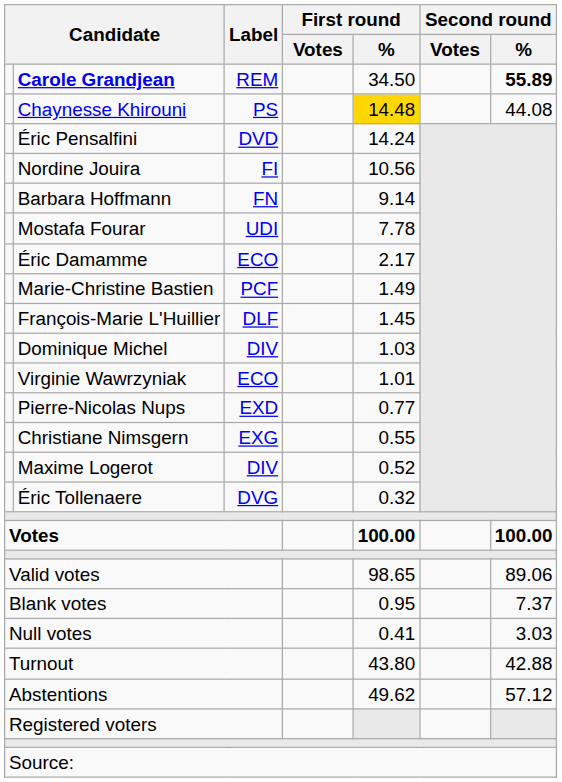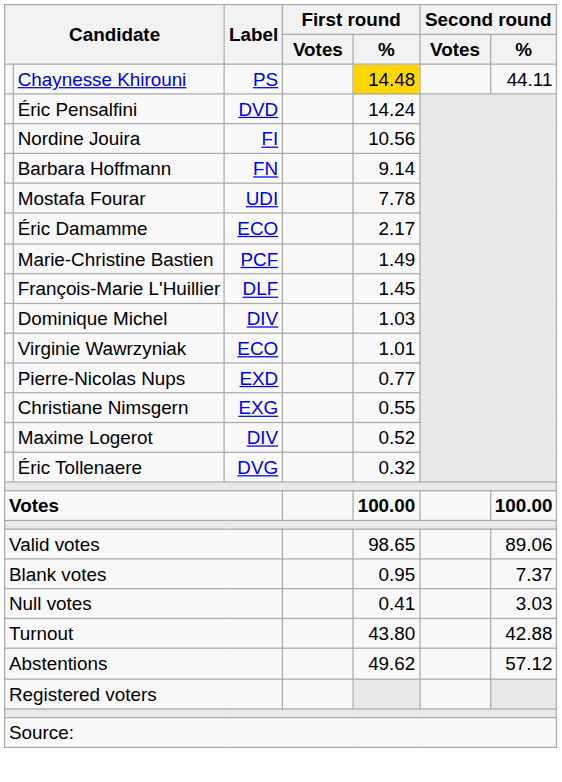 <table class="wikitable" style="text-align:right;font-size:95%;">
 <tr>
 <th rowspan="2" colspan="2">Candidate</th>
 <th rowspan="2">Label</th>
 <th colspan="2">First round</th>
 <th colspan="2">Second round</th>
 </tr>
 <tr>
 <th style="width:50px;">Votes</th>
 <th style="width:45px;">%</th>
 <th style="width:50px;">Votes</th>
 <th style="width:45px;">%</th>
 </tr>
 <tr>
 <td style="color:inherit;background:"></td>
-<td style="text-align:left;"><strong><a href='#'>Carole Grandjean</a></strong></td>
-<td><a href='#'>REM</a></td>
-<td></td>
-<td>34.50</td>
-<td><strong></strong></td>
-<td><strong>55.89</strong></td>
-</tr>
-<tr>
-<td style="color:inherit;background:"></td>
 <td style="text-align:left;"><a href='#'>Chaynesse Khirouni</a></td>
 <td><a href='#'>PS</a></td>
 <td></td>
 <td style="background: gold;">14.48</td>
 <td></td>
-<td>44.08</td>
+<td>44.11</td>
 </tr>
 <tr>
 <td style="color:inherit;background:"></td>
 <td style="text-align:left;">Éric Pensalfini</td>
 <td><a href='#'>DVD</a></td>
 <td></td>
 <td>14.24</td>
 <td colspan="2" rowspan="13" style="background:#E9E9E9;"></td>
 </tr>
 <tr>
 <td style="color:inherit;background:"></td>
 <td style="text-align:left;">Nordine Jouira</td>
 <td><a href='#'>FI</a></td>
 <td></td>
 <td>10.56</td>
 </tr>
 <tr>
 <td style="color:inherit;background:"></td>
 <td style="text-align:left;">Barbara Hoffmann</td>
 <td><a href='#'>FN</a></td>
 <td></td>
 <td>9.14</td>
 </tr>
 <tr>
 <td style="color:inherit;background:"></td>
 <td style="text-align:left;">Mostafa Fourar</td>
 <td><a href='#'>UDI</a></td>
 <td></td>
 <td>7.78</td>
 </tr>
 <tr>
 <td style="color:inherit;background:"></td>
 <td style="text-align:left;">Éric Damamme</td>
 <td><a href='#'>ECO</a></td>
 <td></td>
 <td>2.17</td>
 </tr>
 <tr>
 <td style="color:inherit;background:"></td>
 <td style="text-align:left;">Marie-Christine Bastien</td>
 <td><a href='#'>PCF</a></td>
 <td></td>
 <td>1.49</td>
 </tr>
 <tr>
 <td style="color:inherit;background:"></td>
 <td style="text-align:left;">François-Marie L'Huillier</td>
 <td><a href='#'>DLF</a></td>
 <td></td>
 <td>1.45</td>
 </tr>
 <tr>
 <td style="color:inherit;background:"></td>
 <td style="text-align:left;">Dominique Michel</td>
 <td><a href='#'>DIV</a></td>
 <td></td>
 <td>1.03</td>
 </tr>
 <tr>
 <td style="color:inherit;background:"></td>
 <td style="text-align:left;">Virginie Wawrzyniak</td>
 <td><a href='#'>ECO</a></td>
 <td></td>
 <td>1.01</td>
 </tr>
 <tr>
 <td style="color:inherit;background:"></td>
 <td style="text-align:left;">Pierre-Nicolas Nups</td>
 <td><a href='#'>EXD</a></td>
 <td></td>
 <td>0.77</td>
 </tr>
 <tr>
 <td style="color:inherit;background:"></td>
 <td style="text-align:left;">Christiane Nimsgern</td>
 <td><a href='#'>EXG</a></td>
 <td></td>
 <td>0.55</td>
 </tr>
 <tr>
 <td style="color:inherit;background:"></td>
 <td style="text-align:left;">Maxime Logerot</td>
 <td><a href='#'>DIV</a></td>
 <td></td>
 <td>0.52</td>
 </tr>
 <tr>
 <td style="color:inherit;background:"></td>
 <td style="text-align:left;">Éric Tollenaere</td>
 <td><a href='#'>DVG</a></td>
 <td></td>
 <td>0.32</td>
 </tr>
 <tr>
 <td colspan="7" style="background:#E9E9E9;"></td>
 </tr>
 <tr style="font-weight:bold;">
 <td colspan="3" style="text-align:left;">Votes</td>
 <td></td>
 <td>100.00</td>
 <td></td>
 <td>100.00</td>
 </tr>
 <tr>
 <td colspan="7" style="background:#E9E9E9;"></td>
 </tr>
 <tr>
 <td colspan="3" style="text-align:left;">Valid votes</td>
 <td></td>
 <td>98.65</td>
 <td></td>
 <td>89.06</td>
 </tr>
 <tr>
 <td colspan="3" style="text-align:left;">Blank votes</td>
 <td></td>
 <td>0.95</td>
 <td></td>
 <td>7.37</td>
 </tr>
 <tr>
 <td colspan="3" style="text-align:left;">Null votes</td>
 <td></td>
 <td>0.41</td>
 <td></td>
 <td>3.03</td>
 </tr>
 <tr>
 <td colspan="3" style="text-align:left;">Turnout</td>
 <td></td>
 <td>43.80</td>
 <td></td>
 <td>42.88</td>
 </tr>
 <tr>
 <td colspan="3" style="text-align:left;">Abstentions</td>
 <td></td>
 <td>49.62</td>
 <td></td>
 <td>57.12</td>
 </tr>
 <tr>
 <td colspan="3" style="text-align:left;">Registered voters</td>
 <td></td>
 <td style="background:#E9E9E9;"></td>
 <td></td>
 <td style="background:#E9E9E9;"></td>
 </tr>
 <tr>
 <td colspan="7" style="background:#E9E9E9;"></td>
 </tr>
 <tr>
 <td colspan="7" style="text-align:left;">Source: </td>
 </tr>
 </table>
